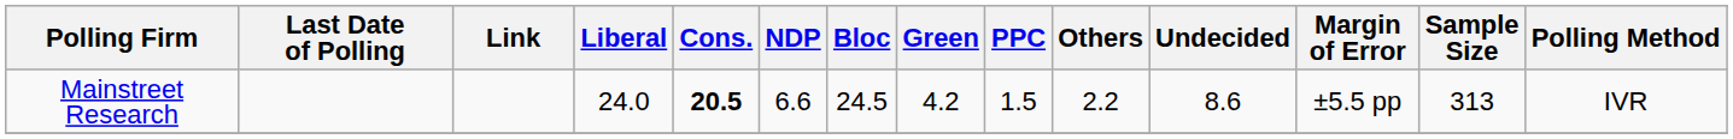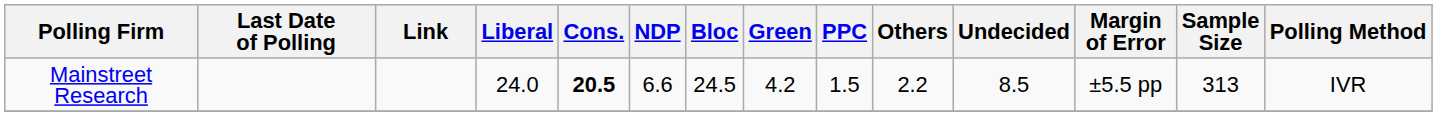 <table class="wikitable sortable" style="text-align:center;font-size:90%;line-height:14px;">
 <tr style="background:#e9e9e9;">
 <th style="width:120px">Polling Firm</th>
 <th style="width:110px">Last Date<br>of Polling</th>
 <th style="width:60px" class="unsortable">Link</th>
 <th style="background-color:"><a href='#'>Liberal</a></th>
 <th style="background-color:"><a href='#'>Cons.</a></th>
 <th style="background-color:"><a href='#'>NDP</a></th>
 <th style="background-color:"><a href='#'>Bloc</a></th>
 <th style="background-color:"><a href='#'>Green</a></th>
 <th style="background-color:"><a href='#'><span>PPC</span></a></th>
 <th style="background-color:">Others</th>
 <th style="background-color:">Undecided</th>
 <th style="width:60px;" class=unsortable>Margin<br>of Error</th>
 <th style="width:50px;" class=unsortable>Sample<br>Size</th>
 <th class=unsortable>Polling Method</th>
 </tr>
 <tr>
 <td><a href='#'>Mainstreet Research</a></td>
 <td></td>
 <td></td>
 <td>24.0</td>
 <td><strong>20.5</strong></td>
 <td>6.6</td>
 <td>24.5</td>
 <td>4.2</td>
 <td>1.5</td>
 <td>2.2</td>
-<td>8.6</td>
+<td>8.5</td>
 <td>±5.5 pp</td>
 <td>313</td>
 <td>IVR</td>
 </tr>
 <tr>
 </tr>
 </table>
